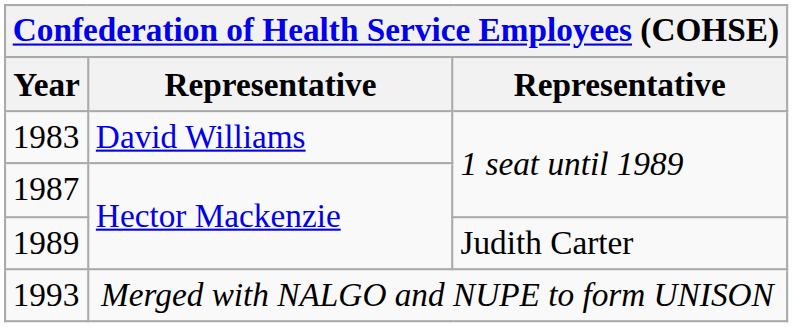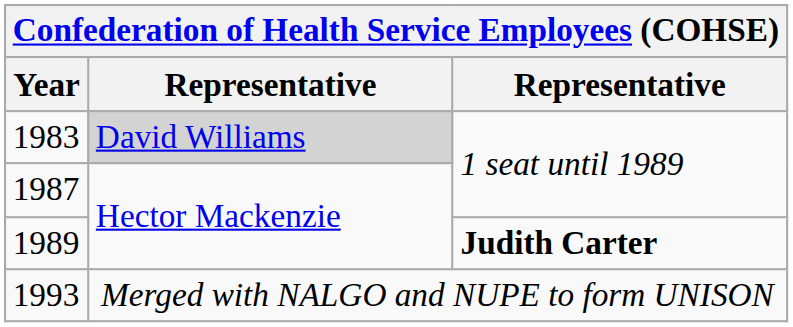 <table class="wikitable">
 <tr>
 <th colspan=3><a href='#'>Confederation of Health Service Employees</a> (COHSE)</th>
 </tr>
 <tr>
 <th>Year</th>
 <th>Representative</th>
 <th>Representative</th>
 </tr>
 <tr>
 <td>1983</td>
-<td><a href='#'>David Williams</a></td>
+<td style="background: lightgrey;"><a href='#'>David Williams</a></td>
 <td rowspan=2><em>1 seat until 1989</em></td>
 </tr>
 <tr>
 <td>1987</td>
 <td rowspan=2><a href='#'>Hector Mackenzie</a></td>
 </tr>
 <tr>
 <td>1989</td>
-<td>Judith Carter</td>
+<td><strong>Judith Carter</strong></td>
 </tr>
 <tr>
 <td>1993</td>
 <td colspan=2 align="center"><em>Merged with NALGO and NUPE to form UNISON</em></td>
 </tr>
 </table>
